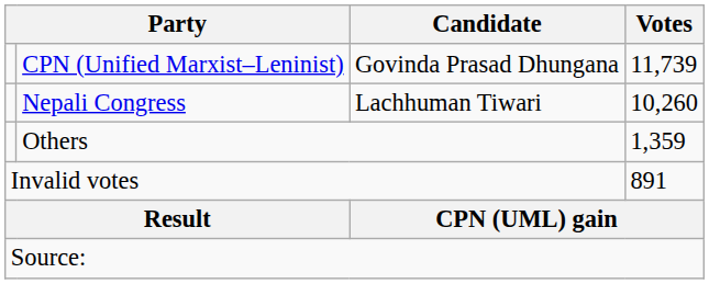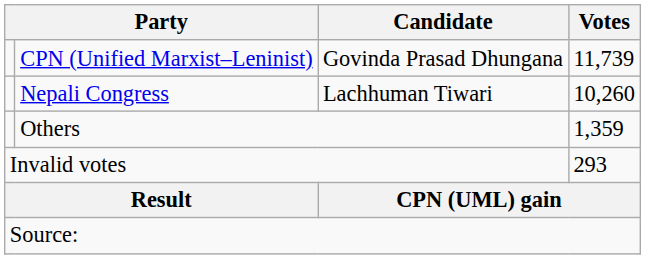 <table class="wikitable">
 <tr>
 <th colspan="2">Party</th>
 <th>Candidate</th>
 <th>Votes</th>
 </tr>
 <tr>
 <td style="background-color:"></td>
 <td><a href='#'>CPN (Unified Marxist–Leninist)</a></td>
 <td>Govinda Prasad Dhungana</td>
 <td>11,739</td>
 </tr>
 <tr>
 <td style="background-color:"></td>
 <td><a href='#'>Nepali Congress</a></td>
 <td>Lachhuman Tiwari</td>
 <td>10,260</td>
 </tr>
 <tr>
 <td></td>
 <td colspan="2">Others</td>
 <td>1,359</td>
 </tr>
 <tr>
 <td colspan="3">Invalid votes</td>
-<td>891</td>
+<td>293</td>
 </tr>
 <tr>
 <th colspan="2">Result</th>
 <th colspan="2">CPN (UML) gain</th>
 </tr>
 <tr>
 <td colspan="4">Source: </td>
 </tr>
 </table>
